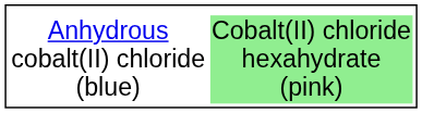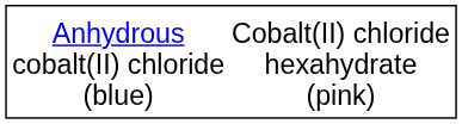 <table style="float:right; margin: 0 0 1em 1em; border:1px solid black;">
 <tr>
 <td></td>
 <td></td>
 </tr>
 <tr align="center">
 <td><a href='#'>Anhydrous</a><br> cobalt(II) chloride<br><strong></strong> (blue)</td>
-<td style="background: lightgreen;">Cobalt(II) chloride<br> hexahydrate<br><strong></strong> (pink)</td>
+<td>Cobalt(II) chloride<br> hexahydrate<br><strong></strong> (pink)</td>
 </tr>
 </table>
